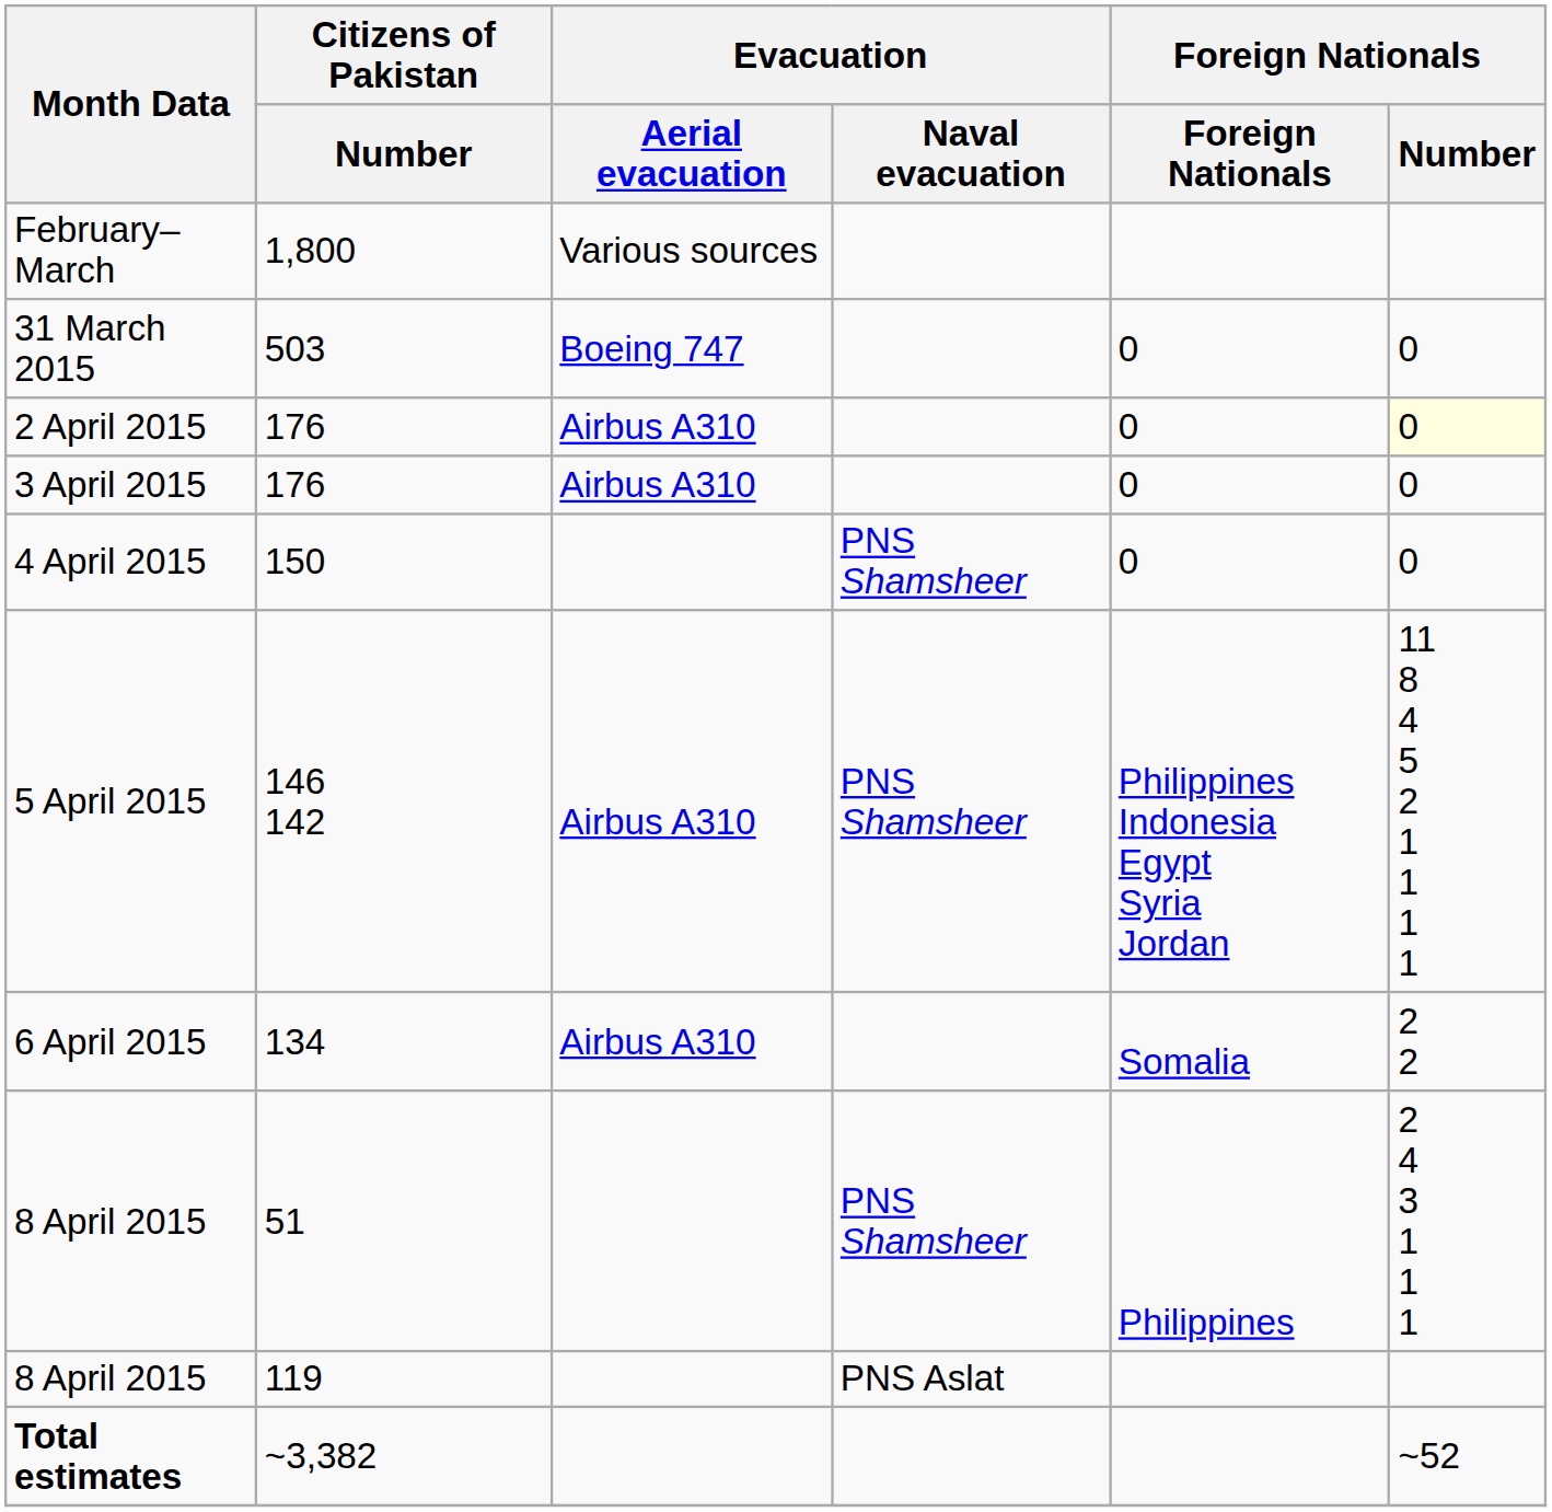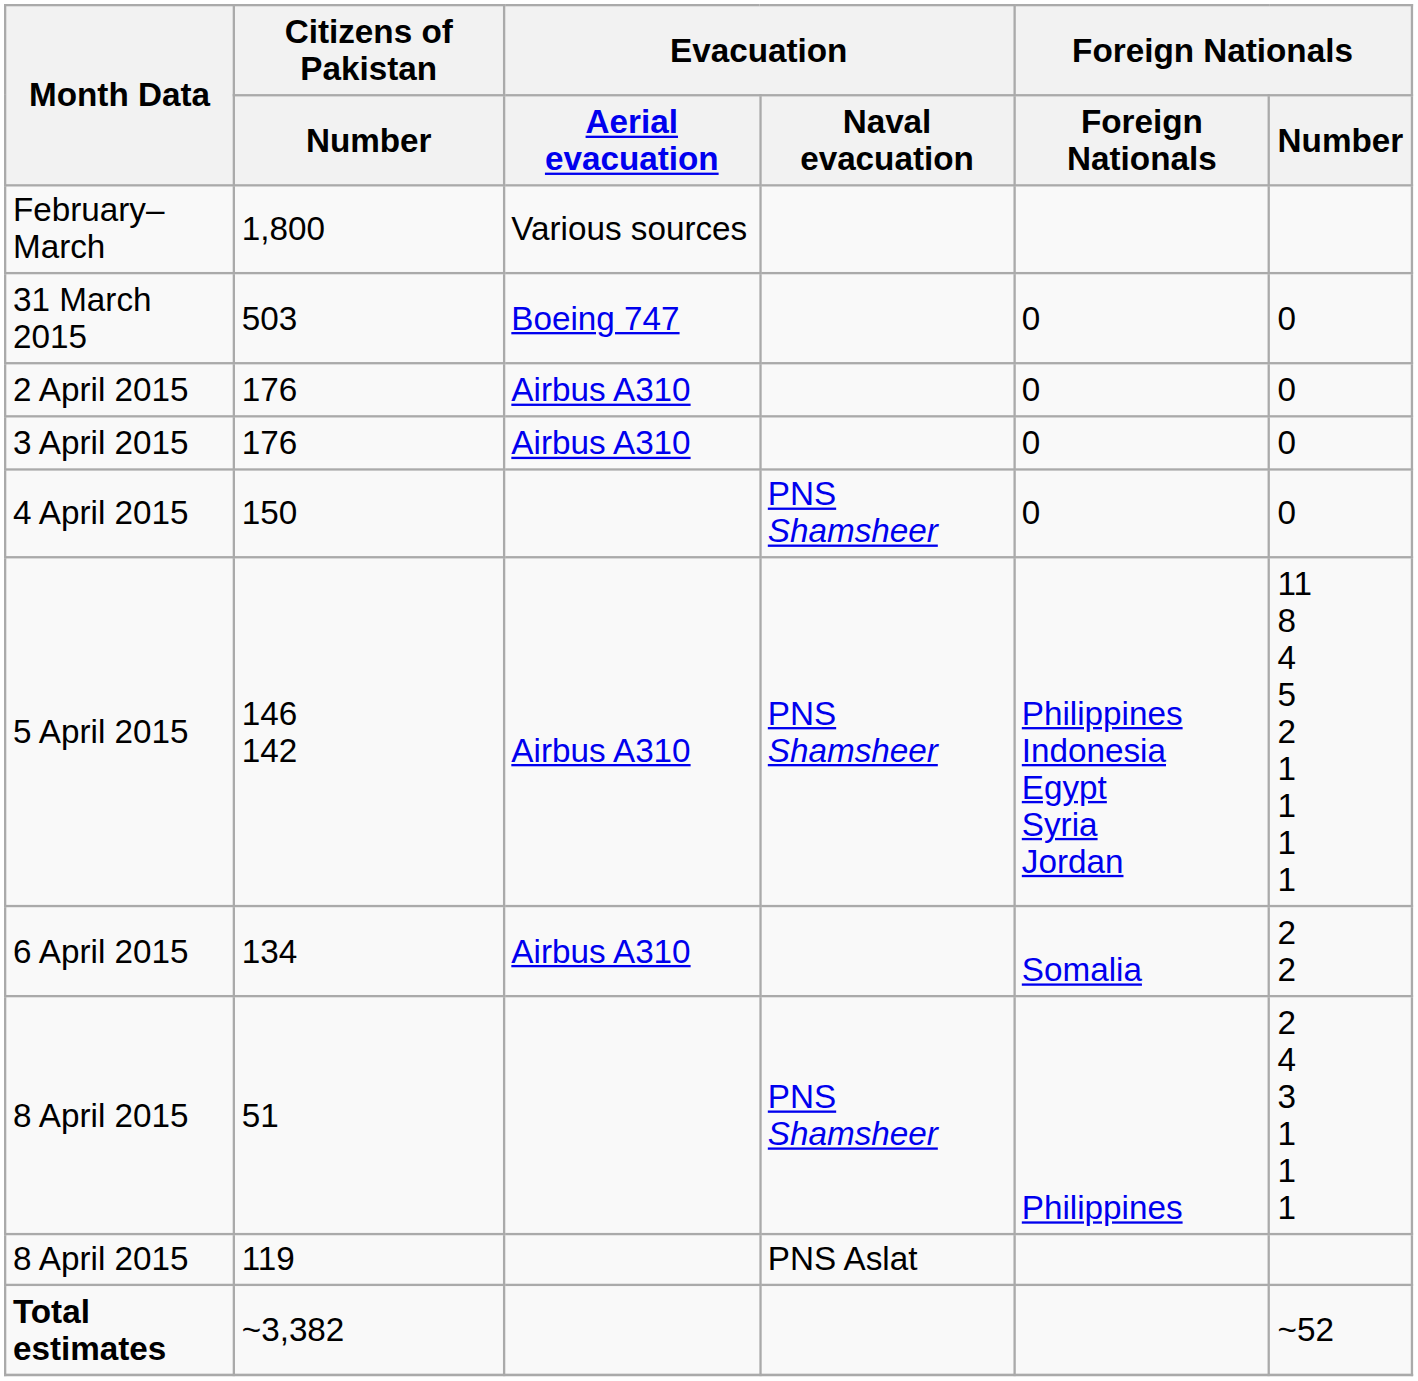 <table class="wikitable" style="font-size:90%;">
 <tr>
 <th rowspan="2">Month Data</th>
 <th>Citizens of Pakistan</th>
 <th colspan="2">Evacuation</th>
 <th colspan="2">Foreign Nationals</th>
 </tr>
 <tr>
 <th>Number</th>
 <th><a href='#'>Aerial evacuation</a></th>
 <th>Naval evacuation</th>
 <th>Foreign Nationals</th>
 <th>Number</th>
 </tr>
 <tr>
 <td>February–March</td>
 <td>1,800</td>
 <td>Various sources</td>
 <td></td>
 <td></td>
 <td></td>
 </tr>
 <tr>
 <td>31 March 2015</td>
 <td>503</td>
 <td><a href='#'>Boeing 747</a></td>
 <td></td>
 <td>0</td>
 <td>0</td>
 </tr>
 <tr>
 <td>2 April 2015</td>
 <td>176</td>
 <td><a href='#'>Airbus A310</a></td>
 <td></td>
 <td>0</td>
-<td style="background: lightyellow;">0</td>
+<td>0</td>
 </tr>
 <tr>
 <td>3 April 2015</td>
 <td>176</td>
 <td><a href='#'>Airbus A310</a></td>
 <td></td>
 <td>0</td>
 <td>0</td>
 </tr>
 <tr>
 <td>4 April 2015</td>
 <td>150</td>
 <td></td>
 <td><a href='#'>PNS <em>Shamsheer</em></a></td>
 <td>0</td>
 <td>0</td>
 </tr>
 <tr>
 <td>5 April 2015</td>
 <td>146<br>142</td>
 <td><br><a href='#'>Airbus A310</a></td>
 <td><a href='#'>PNS <em>Shamsheer</em></a></td>
 <td><br><br><br> <a href='#'>Philippines</a><br> <a href='#'>Indonesia</a><br> <a href='#'>Egypt</a><br> <a href='#'>Syria</a><br> <a href='#'>Jordan</a><br></td>
 <td>11 <br>8 <br>4<br>5<br>2<br>1<br>1<br>1<br>1</td>
 </tr>
 <tr>
 <td>6 April 2015</td>
 <td>134</td>
 <td><a href='#'>Airbus A310</a></td>
 <td></td>
 <td><br> <a href='#'>Somalia</a></td>
 <td>2<br>2</td>
 </tr>
 <tr>
 <td>8 April 2015</td>
 <td>51 </td>
 <td></td>
 <td><a href='#'>PNS <em>Shamsheer</em></a></td>
 <td><br><br><br><br><br> <a href='#'>Philippines</a></td>
 <td>2<br>4<br>3<br>1<br>1<br>1</td>
 </tr>
 <tr>
 <td>8 April 2015</td>
 <td>119</td>
 <td></td>
 <td>PNS Aslat</td>
 <td></td>
 <td></td>
 </tr>
 <tr>
 <td><strong>Total estimates</strong></td>
 <td>~3,382</td>
 <td></td>
 <td></td>
 <td></td>
 <td>~52</td>
 </tr>
 <tr>
 </tr>
 </table>
